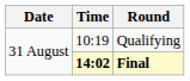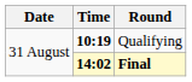 <table class="wikitable">
 <tr>
 <th>Date</th>
 <th>Time</th>
 <th>Round</th>
 </tr>
 <tr>
 <td rowspan=2>31 August</td>
-<td>10:19</td>
+<td><strong>10:19</strong></td>
 <td>Qualifying</td>
 </tr>
 <tr style="background:lemonchiffon">
 <td><strong>14:02</strong></td>
 <td><strong>Final</strong></td>
 </tr>
 </table>
